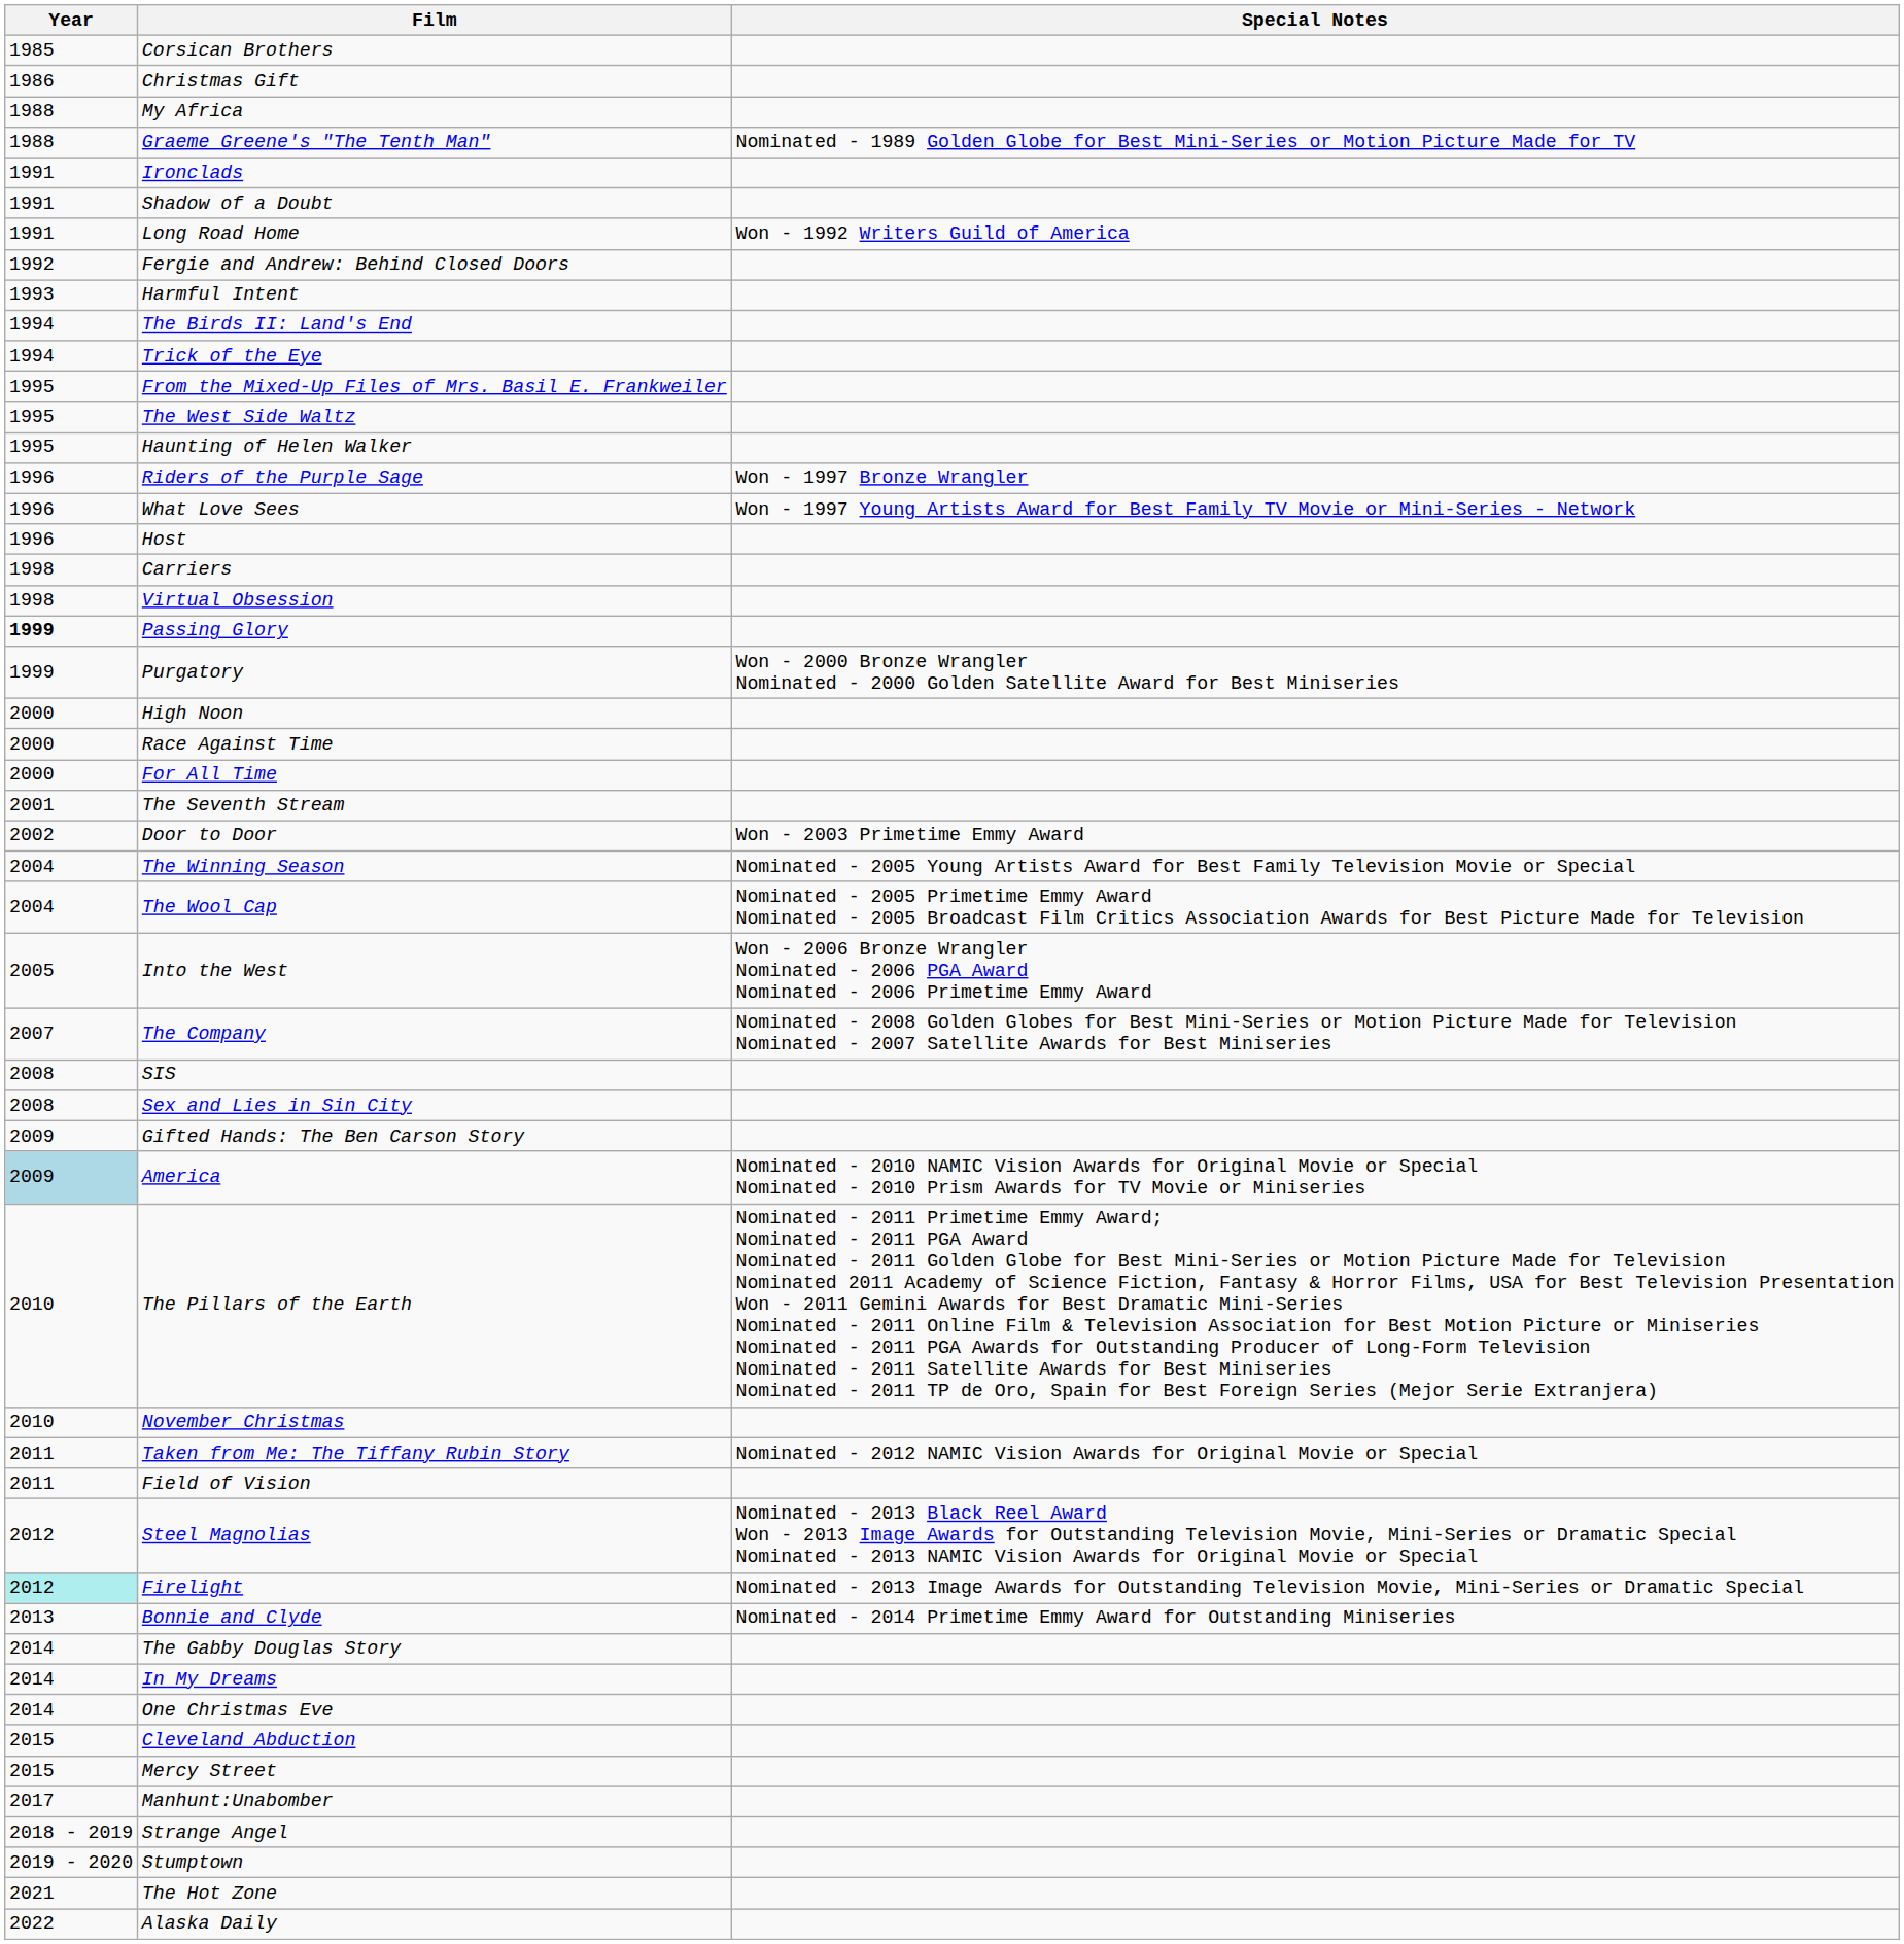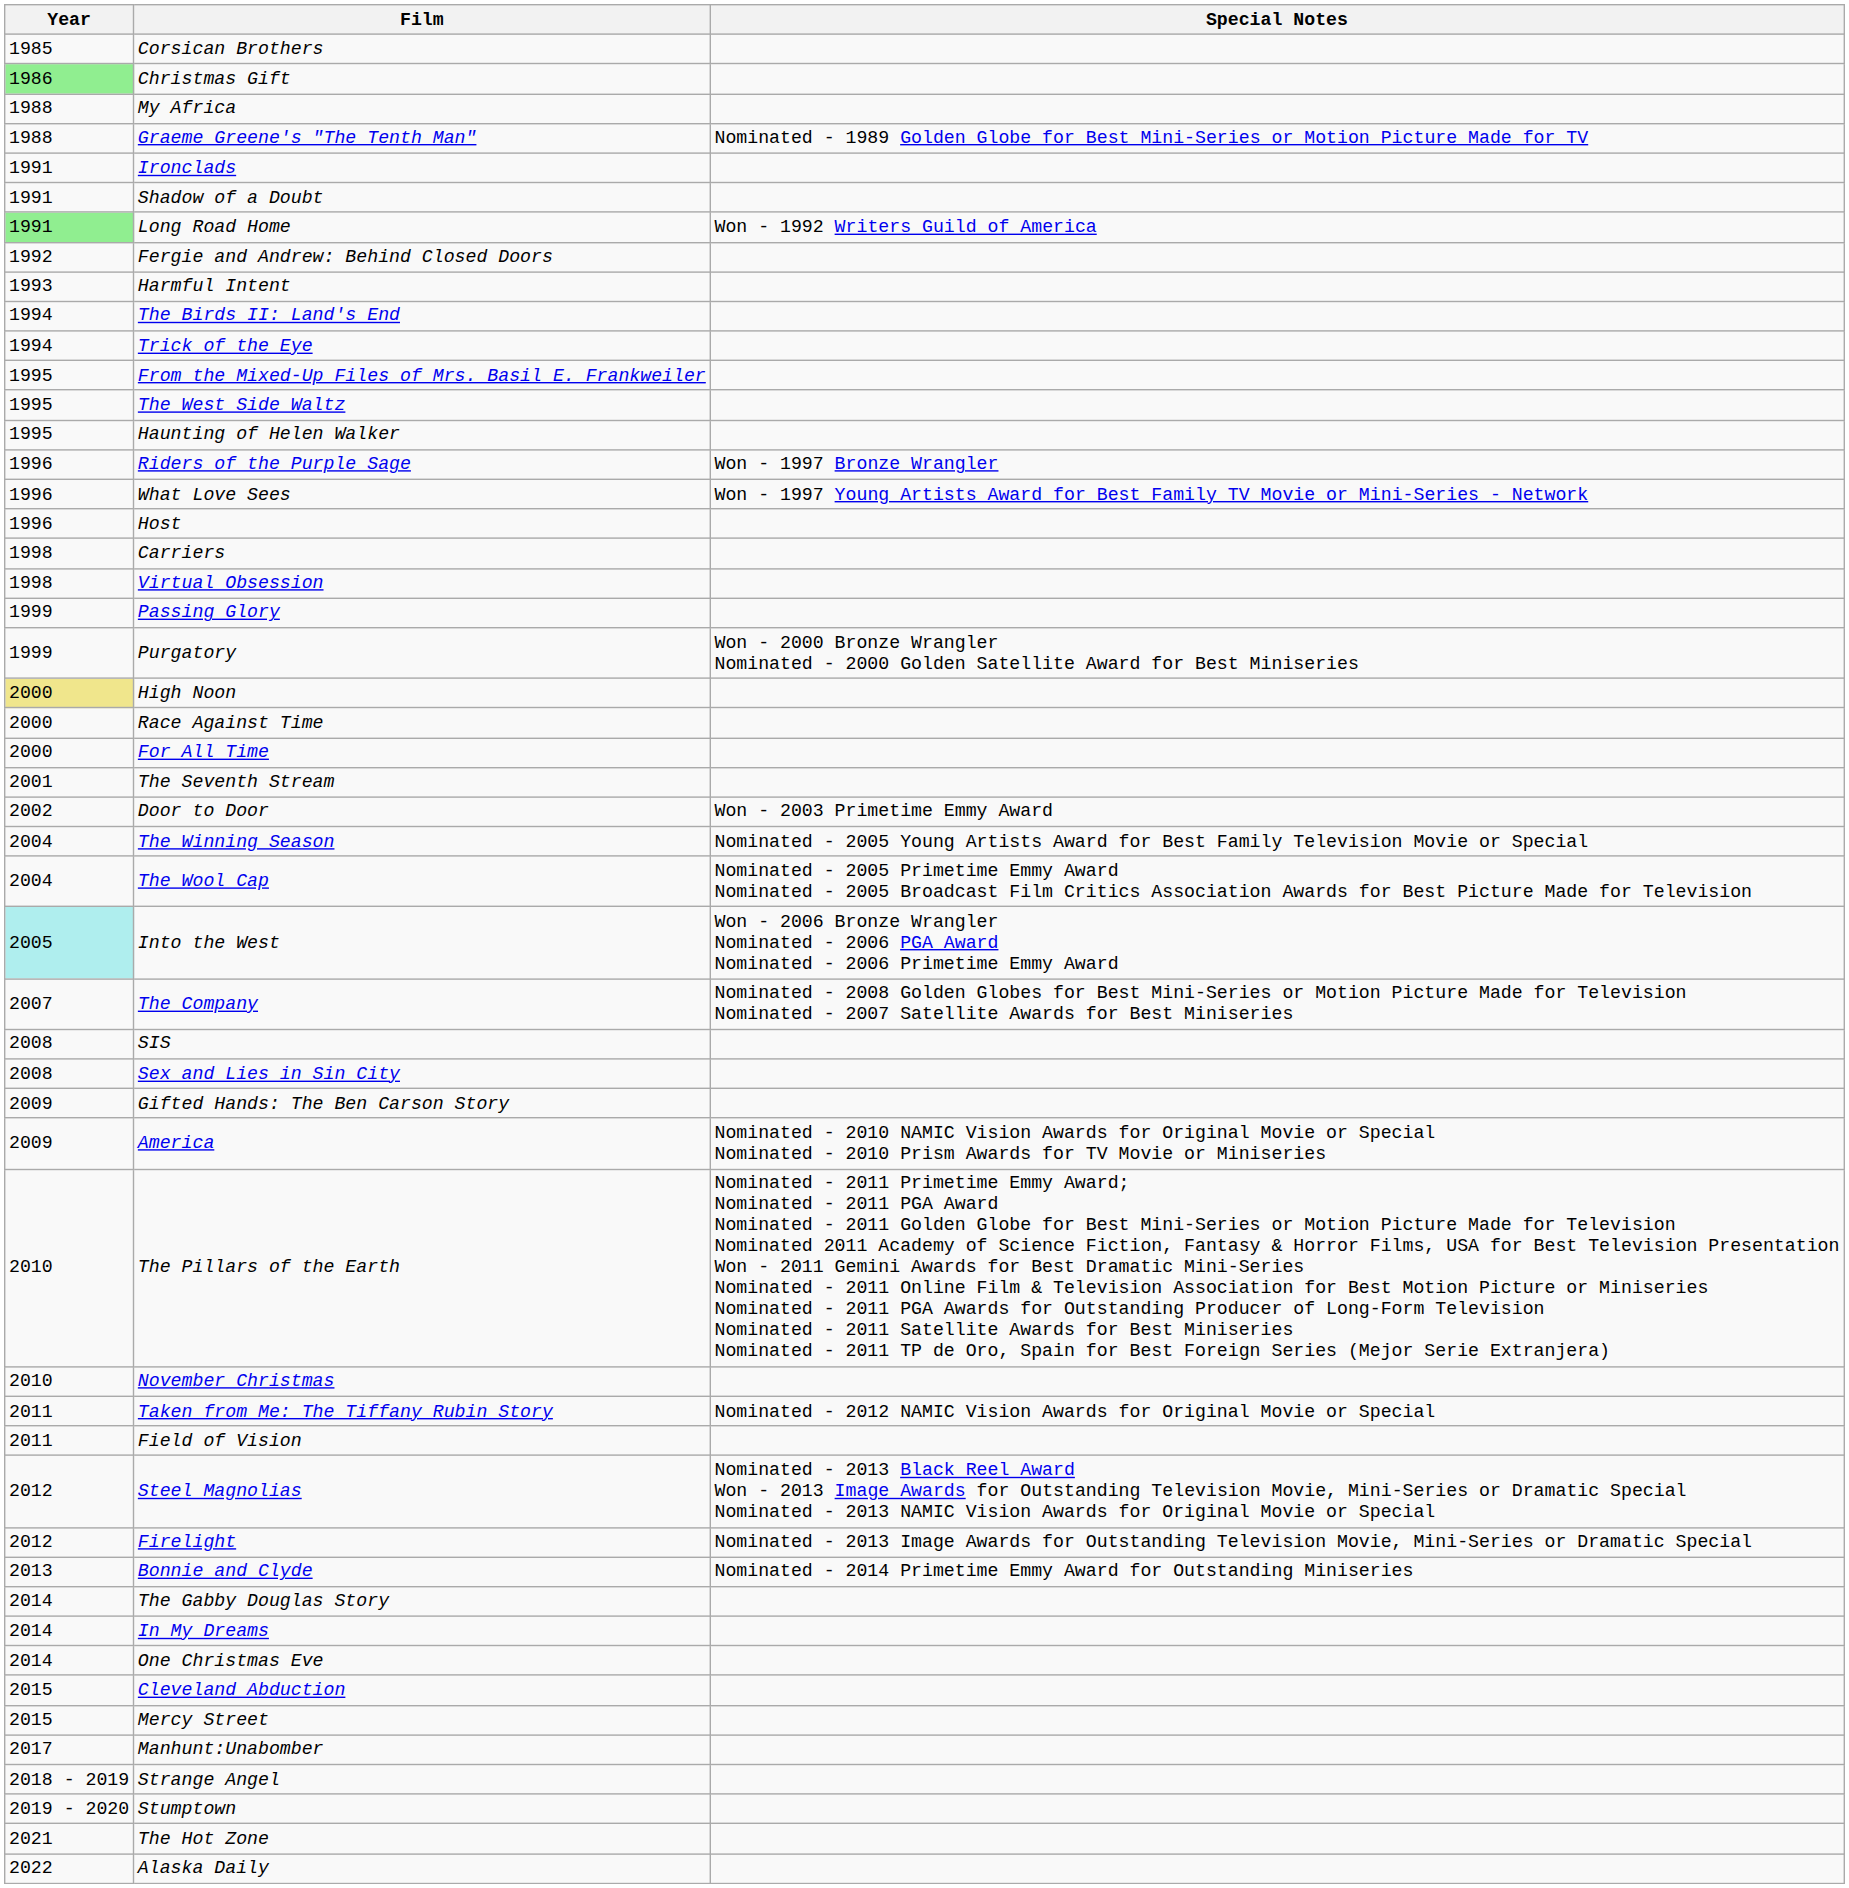 <table class="wikitable">
 <tr>
 <th>Year</th>
 <th>Film</th>
 <th>Special Notes</th>
 </tr>
 <tr>
 <td>1985</td>
 <td><em>Corsican Brothers</em></td>
 <td></td>
 </tr>
 <tr>
-<td>1986</td>
+<td style="background: lightgreen;">1986</td>
 <td><em>Christmas Gift</em></td>
 <td></td>
 </tr>
 <tr>
 <td>1988</td>
 <td><em>My Africa</em></td>
 <td></td>
 </tr>
 <tr>
 <td>1988</td>
 <td><em><a href='#'>Graeme Greene's "The Tenth Man"</a></em></td>
 <td>Nominated - 1989 <a href='#'>Golden Globe for Best Mini-Series or Motion Picture Made for TV</a></td>
 </tr>
 <tr>
 <td>1991</td>
 <td><em><a href='#'>Ironclads</a></em></td>
 <td></td>
 </tr>
 <tr>
 <td>1991</td>
 <td><em>Shadow of a Doubt</em></td>
 <td></td>
 </tr>
 <tr>
-<td>1991</td>
+<td style="background: lightgreen;">1991</td>
 <td><em>Long Road Home</em></td>
 <td>Won - 1992 <a href='#'>Writers Guild of America</a></td>
 </tr>
 <tr>
 <td>1992</td>
 <td><em>Fergie and Andrew: Behind Closed Doors</em></td>
 <td></td>
 </tr>
 <tr>
 <td>1993</td>
 <td><em>Harmful Intent</em></td>
 <td></td>
 </tr>
 <tr>
 <td>1994</td>
 <td><em><a href='#'>The Birds II: Land's End</a></em></td>
 <td></td>
 </tr>
 <tr>
 <td>1994</td>
 <td><em><a href='#'>Trick of the Eye</a></em></td>
 <td></td>
 </tr>
 <tr>
 <td>1995</td>
 <td><em><a href='#'>From the Mixed-Up Files of Mrs. Basil E. Frankweiler</a></em></td>
 <td></td>
 </tr>
 <tr>
 <td>1995</td>
 <td><em><a href='#'>The West Side Waltz</a></em></td>
 <td></td>
 </tr>
 <tr>
 <td>1995</td>
 <td><em>Haunting of Helen Walker</em></td>
 <td></td>
 </tr>
 <tr>
 <td>1996</td>
 <td><em><a href='#'>Riders of the Purple Sage</a></em></td>
 <td>Won - 1997 <a href='#'>Bronze Wrangler</a></td>
 </tr>
 <tr>
 <td>1996</td>
 <td><em>What Love Sees</em></td>
 <td>Won - 1997 <a href='#'>Young Artists Award for Best Family TV Movie or Mini-Series - Network</a></td>
 </tr>
 <tr>
 <td>1996</td>
 <td><em>Host</em></td>
 <td></td>
 </tr>
 <tr>
 <td>1998</td>
 <td><em>Carriers</em></td>
 <td></td>
 </tr>
 <tr>
 <td>1998</td>
 <td><em><a href='#'>Virtual Obsession</a></em></td>
 <td></td>
 </tr>
 <tr>
-<td><strong>1999</strong></td>
+<td>1999</td>
 <td><em><a href='#'>Passing Glory</a></em></td>
 <td></td>
 </tr>
 <tr>
 <td>1999</td>
 <td><em>Purgatory</em></td>
 <td>Won - 2000 Bronze Wrangler <br> Nominated - 2000 Golden Satellite Award for Best Miniseries</td>
 </tr>
 <tr>
-<td>2000</td>
+<td style="background: khaki;">2000</td>
 <td><em>High Noon</em></td>
 <td></td>
 </tr>
 <tr>
 <td>2000</td>
 <td><em>Race Against Time</em></td>
 <td></td>
 </tr>
 <tr>
 <td>2000</td>
 <td><em><a href='#'>For All Time</a></em></td>
 <td></td>
 </tr>
 <tr>
 <td>2001</td>
 <td><em>The Seventh Stream</em></td>
 <td></td>
 </tr>
 <tr>
 <td>2002</td>
 <td><em>Door to Door</em></td>
 <td>Won - 2003 Primetime Emmy Award</td>
 </tr>
 <tr>
 <td>2004</td>
 <td><em><a href='#'>The Winning Season</a></em></td>
 <td>Nominated - 2005 Young Artists Award for Best Family Television Movie or Special</td>
 </tr>
 <tr>
 <td>2004</td>
 <td><em><a href='#'>The Wool Cap</a></em></td>
 <td>Nominated - 2005 Primetime Emmy Award <br> Nominated - 2005 Broadcast Film Critics Association Awards for Best Picture Made for Television</td>
 </tr>
 <tr>
-<td>2005</td>
+<td style="background: paleturquoise;">2005</td>
 <td><em>Into the West</em></td>
 <td>Won - 2006 Bronze Wrangler <br> Nominated - 2006 <a href='#'>PGA Award</a> <br> Nominated - 2006 Primetime Emmy Award</td>
 </tr>
 <tr>
 <td>2007</td>
 <td><em><a href='#'>The Company</a></em></td>
 <td>Nominated - 2008 Golden Globes for Best Mini-Series or Motion Picture Made for Television <br> Nominated - 2007 Satellite Awards for Best Miniseries</td>
 </tr>
 <tr>
 <td>2008</td>
 <td><em>SIS</em></td>
 <td></td>
 </tr>
 <tr>
 <td>2008</td>
 <td><em><a href='#'>Sex and Lies in Sin City</a></em></td>
 <td></td>
 </tr>
 <tr>
 <td>2009</td>
 <td><em>Gifted Hands: The Ben Carson Story</em></td>
 <td></td>
 </tr>
 <tr>
-<td style="background: lightblue;">2009</td>
+<td>2009</td>
 <td><em><a href='#'>America</a></em></td>
 <td>Nominated - 2010 NAMIC Vision Awards for Original Movie or Special <br> Nominated - 2010 Prism Awards for TV Movie or Miniseries</td>
 </tr>
 <tr>
 <td>2010</td>
 <td><em>The Pillars of the Earth</em></td>
 <td>Nominated - 2011 Primetime Emmy Award; <br> Nominated - 2011 PGA Award <br> Nominated - 2011 Golden Globe for Best Mini-Series or Motion Picture Made for Television <br> Nominated 2011 Academy of Science Fiction, Fantasy & Horror Films, USA for Best Television Presentation <br> Won - 2011 Gemini Awards for Best Dramatic Mini-Series <br> Nominated - 2011 Online Film & Television Association for Best Motion Picture or Miniseries <br> Nominated - 2011 PGA Awards for Outstanding Producer of Long-Form Television <br> Nominated - 2011 Satellite Awards for Best Miniseries <br> Nominated - 2011 TP de Oro, Spain for Best Foreign Series (Mejor Serie Extranjera)</td>
 </tr>
 <tr>
 <td>2010</td>
 <td><em><a href='#'>November Christmas</a></em></td>
 <td></td>
 </tr>
 <tr>
 <td>2011</td>
 <td><em><a href='#'>Taken from Me: The Tiffany Rubin Story</a></em></td>
 <td>Nominated - 2012 NAMIC Vision Awards for Original Movie or Special</td>
 </tr>
 <tr>
 <td>2011</td>
 <td><em>Field of Vision</em></td>
 <td></td>
 </tr>
 <tr>
 <td>2012</td>
 <td><em><a href='#'>Steel Magnolias</a></em></td>
 <td>Nominated - 2013 <a href='#'>Black Reel Award</a> <br> Won - 2013 <a href='#'>Image Awards</a> for Outstanding Television Movie, Mini-Series or Dramatic Special <br> Nominated - 2013 NAMIC Vision Awards for Original Movie or Special</td>
 </tr>
 <tr>
-<td style="background: paleturquoise;">2012</td>
+<td>2012</td>
 <td><em><a href='#'>Firelight</a></em></td>
 <td>Nominated - 2013 Image Awards for Outstanding Television Movie, Mini-Series or Dramatic Special</td>
 </tr>
 <tr>
 <td>2013</td>
 <td><em><a href='#'>Bonnie and Clyde</a></em></td>
 <td>Nominated - 2014 Primetime Emmy Award for Outstanding Miniseries</td>
 </tr>
 <tr>
 <td>2014</td>
 <td><em>The Gabby Douglas Story</em></td>
 <td></td>
 </tr>
 <tr>
 <td>2014</td>
 <td><em><a href='#'>In My Dreams</a></em></td>
 <td></td>
 </tr>
 <tr>
 <td>2014</td>
 <td><em>One Christmas Eve</em></td>
 <td></td>
 </tr>
 <tr>
 <td>2015</td>
 <td><em><a href='#'>Cleveland Abduction</a></em></td>
 <td></td>
 </tr>
 <tr>
 <td>2015</td>
 <td><em>Mercy Street</em></td>
 <td></td>
 </tr>
 <tr>
 <td>2017</td>
 <td><em>Manhunt:Unabomber</em></td>
 <td></td>
 </tr>
 <tr>
 <td>2018 - 2019</td>
 <td><em>Strange Angel</em></td>
 <td></td>
 </tr>
 <tr>
 <td>2019 - 2020</td>
 <td><em>Stumptown</em></td>
 <td></td>
 </tr>
 <tr>
 <td>2021</td>
 <td><em>The Hot Zone</em></td>
 <td></td>
 </tr>
 <tr>
 <td>2022</td>
 <td><em>Alaska Daily</em></td>
 <td></td>
 </tr>
 </table>
